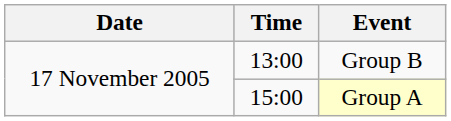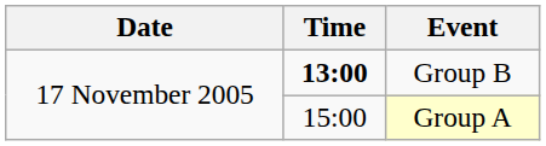 <table class = "wikitable" style="text-align:center;">
 <tr>
 <th width=150>Date</th>
 <th width=50>Time</th>
 <th width=80>Event</th>
 </tr>
 <tr>
 <td rowspan=2>17 November 2005</td>
-<td>13:00</td>
+<td><strong>13:00</strong></td>
 <td>Group B</td>
 </tr>
 <tr>
 <td>15:00</td>
 <td bgcolor=ffffcc>Group A</td>
 </tr>
 </table>
